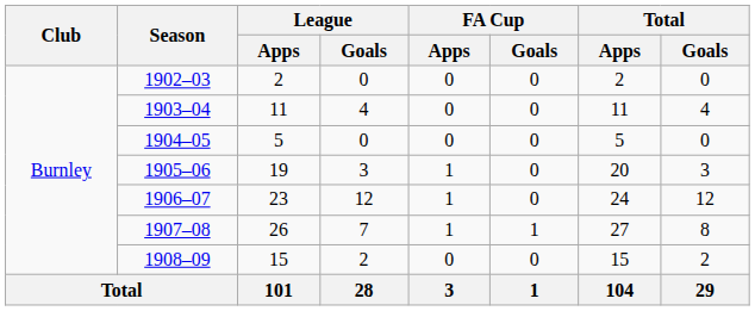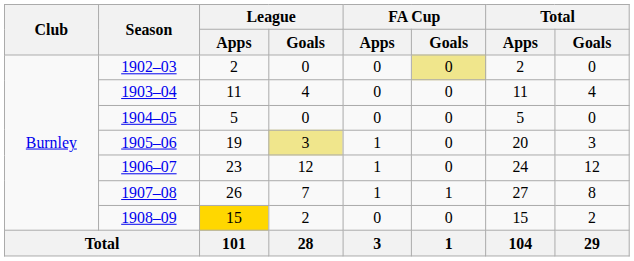 <table class="wikitable" style="width: 50%; text-align: center">
 <tr>
 <th rowspan="2" style="width: 15%">Club</th>
 <th rowspan="2">Season</th>
 <th colspan="2">League</th>
 <th colspan="2">FA Cup</th>
 <th colspan="2">Total</th>
 </tr>
 <tr>
 <th>Apps</th>
 <th>Goals</th>
 <th>Apps</th>
 <th>Goals</th>
 <th>Apps</th>
 <th>Goals</th>
 </tr>
 <tr>
 <td rowspan="7"><a href='#'>Burnley</a></td>
 <td><a href='#'>1902–03</a></td>
 <td>2</td>
 <td>0</td>
 <td>0</td>
-<td>0</td>
+<td style="background: khaki;">0</td>
 <td>2</td>
 <td>0</td>
 </tr>
 <tr>
 <td><a href='#'>1903–04</a></td>
 <td>11</td>
 <td>4</td>
 <td>0</td>
 <td>0</td>
 <td>11</td>
 <td>4</td>
 </tr>
 <tr>
 <td><a href='#'>1904–05</a></td>
 <td>5</td>
 <td>0</td>
 <td>0</td>
 <td>0</td>
 <td>5</td>
 <td>0</td>
 </tr>
 <tr>
 <td><a href='#'>1905–06</a></td>
 <td>19</td>
-<td>3</td>
+<td style="background: khaki;">3</td>
 <td>1</td>
 <td>0</td>
 <td>20</td>
 <td>3</td>
 </tr>
 <tr>
 <td><a href='#'>1906–07</a></td>
 <td>23</td>
 <td>12</td>
 <td>1</td>
 <td>0</td>
 <td>24</td>
 <td>12</td>
 </tr>
 <tr>
 <td><a href='#'>1907–08</a></td>
 <td>26</td>
 <td>7</td>
 <td>1</td>
 <td>1</td>
 <td>27</td>
 <td>8</td>
 </tr>
 <tr>
 <td><a href='#'>1908–09</a></td>
-<td>15</td>
+<td style="background: gold;">15</td>
 <td>2</td>
 <td>0</td>
 <td>0</td>
 <td>15</td>
 <td>2</td>
 </tr>
 <tr>
 <th colspan="2">Total</th>
 <th>101</th>
 <th>28</th>
 <th>3</th>
 <th>1</th>
 <th>104</th>
 <th>29</th>
 </tr>
 </table>
